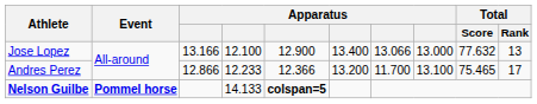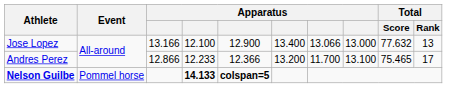 <table class=wikitable style=font-size:90%;text-align:center>
 <tr>
 <th rowspan=2>Athlete</th>
 <th rowspan=2>Event</th>
 <th colspan=6>Apparatus</th>
 <th colspan=2>Total</th>
 </tr>
 <tr style=font-size:95%>
 <th></th>
 <th></th>
 <th></th>
 <th></th>
 <th></th>
 <th></th>
 <th>Score</th>
 <th>Rank</th>
 </tr>
 <tr>
 <td align=left><a href='#'>Jose Lopez</a></td>
 <td align=left rowspan=2><a href='#'>All-around</a></td>
 <td>13.166</td>
 <td>12.100</td>
 <td>12.900</td>
 <td>13.400</td>
 <td>13.066</td>
 <td>13.000</td>
 <td>77.632</td>
 <td>13</td>
 </tr>
 <tr>
 <td align=left><a href='#'>Andres Perez</a></td>
 <td>12.866</td>
 <td>12.233</td>
 <td>12.366</td>
 <td>13.200</td>
 <td>11.700</td>
 <td>13.100</td>
 <td>75.465</td>
 <td>17</td>
 </tr>
 <tr>
 <td align=left><strong><a href='#'>Nelson Guilbe</a></strong></td>
-<td align=left><strong><a href='#'>Pommel horse</a></strong></td>
+<td align=left><a href='#'>Pommel horse</a></td>
 <td></td>
-<td>14.133</td>
+<td><strong>14.133</strong></td>
 <td><strong>colspan=5 </strong></td>
 <td></td>
 </tr>
 </table>
